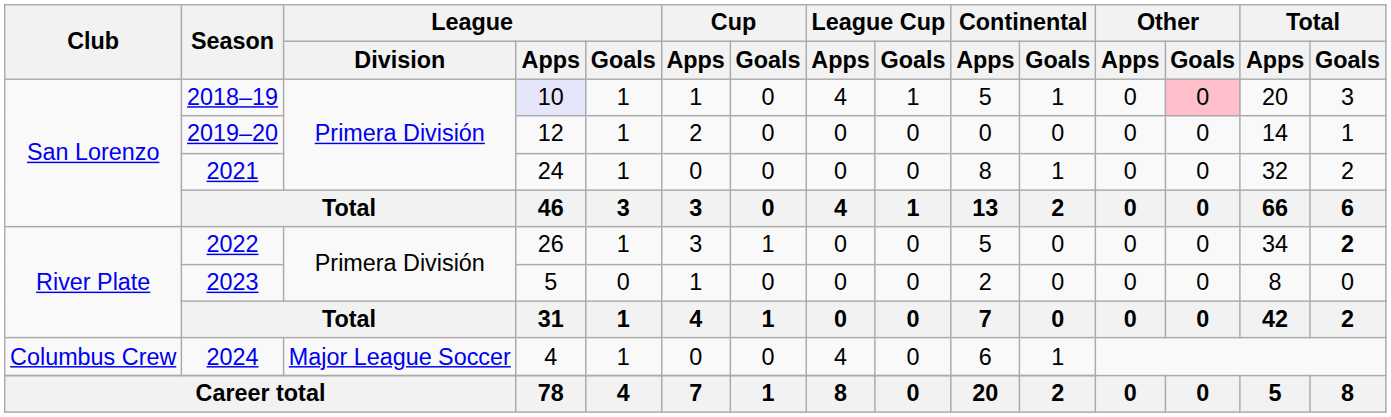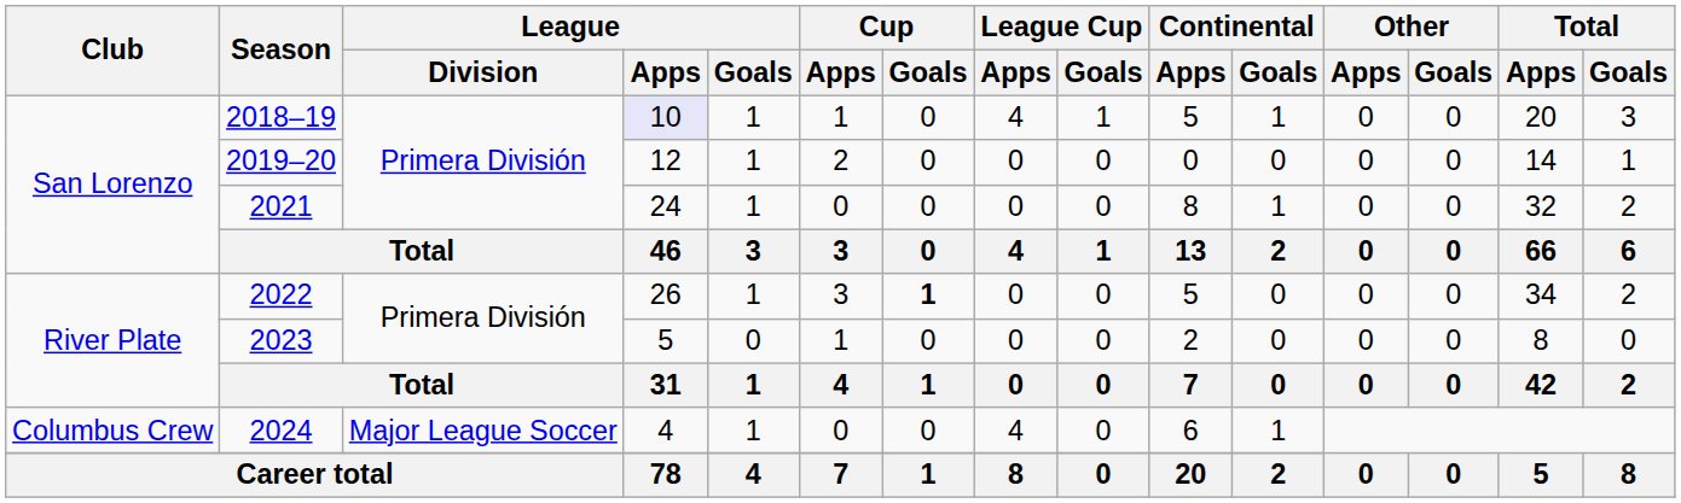 <table class="wikitable" style="text-align:center">
 <tr>
 <th rowspan="2">Club</th>
 <th rowspan="2">Season</th>
 <th colspan="3">League</th>
 <th colspan="2">Cup</th>
 <th colspan="2">League Cup</th>
 <th colspan="2">Continental</th>
 <th colspan="2">Other</th>
 <th colspan="2">Total</th>
 </tr>
 <tr>
 <th>Division</th>
 <th>Apps</th>
 <th>Goals</th>
 <th>Apps</th>
 <th>Goals</th>
 <th>Apps</th>
 <th>Goals</th>
 <th>Apps</th>
 <th>Goals</th>
 <th>Apps</th>
 <th>Goals</th>
 <th>Apps</th>
 <th>Goals</th>
 </tr>
 <tr>
 <td rowspan="4"><a href='#'>San Lorenzo</a></td>
 <td><a href='#'>2018–19</a></td>
 <td rowspan="3"><a href='#'>Primera División</a></td>
 <td style="background: lavender;">10</td>
 <td>1</td>
 <td>1</td>
 <td>0</td>
 <td>4</td>
 <td>1</td>
 <td>5</td>
 <td>1</td>
 <td>0</td>
-<td style="background: pink;">0</td>
+<td>0</td>
 <td>20</td>
 <td>3</td>
 </tr>
 <tr>
 <td><a href='#'>2019–20</a></td>
 <td>12</td>
 <td>1</td>
 <td>2</td>
 <td>0</td>
 <td>0</td>
 <td>0</td>
 <td>0</td>
 <td>0</td>
 <td>0</td>
 <td>0</td>
 <td>14</td>
 <td>1</td>
 </tr>
 <tr>
 <td><a href='#'>2021</a></td>
 <td>24</td>
 <td>1</td>
 <td>0</td>
 <td>0</td>
 <td>0</td>
 <td>0</td>
 <td>8</td>
 <td>1</td>
 <td>0</td>
 <td>0</td>
 <td>32</td>
 <td>2</td>
 </tr>
 <tr>
 <th colspan="2">Total</th>
 <th>46</th>
 <th>3</th>
 <th>3</th>
 <th>0</th>
 <th>4</th>
 <th>1</th>
 <th>13</th>
 <th>2</th>
 <th>0</th>
 <th>0</th>
 <th>66</th>
 <th>6</th>
 </tr>
 <tr>
 <td rowspan="3"><a href='#'>River Plate</a></td>
 <td><a href='#'>2022</a></td>
 <td rowspan="2">Primera División</td>
 <td>26</td>
 <td>1</td>
 <td>3</td>
-<td>1</td>
+<td><strong>1</strong></td>
 <td>0</td>
 <td>0</td>
 <td>5</td>
 <td>0</td>
 <td>0</td>
 <td>0</td>
 <td>34</td>
-<td><strong>2</strong></td>
+<td>2</td>
 </tr>
 <tr>
 <td><a href='#'>2023</a></td>
 <td>5</td>
 <td>0</td>
 <td>1</td>
 <td>0</td>
 <td>0</td>
 <td>0</td>
 <td>2</td>
 <td>0</td>
 <td>0</td>
 <td>0</td>
 <td>8</td>
 <td>0</td>
 </tr>
 <tr>
 <th colspan="2">Total</th>
 <th>31</th>
 <th>1</th>
 <th>4</th>
 <th>1</th>
 <th>0</th>
 <th>0</th>
 <th>7</th>
 <th>0</th>
 <th>0</th>
 <th>0</th>
 <th>42</th>
 <th>2</th>
 </tr>
 <tr>
 <td><a href='#'>Columbus Crew</a></td>
 <td><a href='#'>2024</a></td>
 <td><a href='#'>Major League Soccer</a></td>
 <td>4</td>
 <td>1</td>
 <td>0</td>
 <td>0</td>
 <td>4</td>
 <td>0</td>
 <td>6</td>
 <td>1</td>
 </tr>
 <tr>
 </tr>
 <tr>
 <th colspan="3">Career total</th>
 <th>78</th>
 <th>4</th>
 <th>7</th>
 <th>1</th>
 <th>8</th>
 <th>0</th>
 <th>20</th>
 <th>2</th>
 <th>0</th>
 <th>0</th>
 <th>5</th>
 <th>8</th>
 </tr>
 </table>
